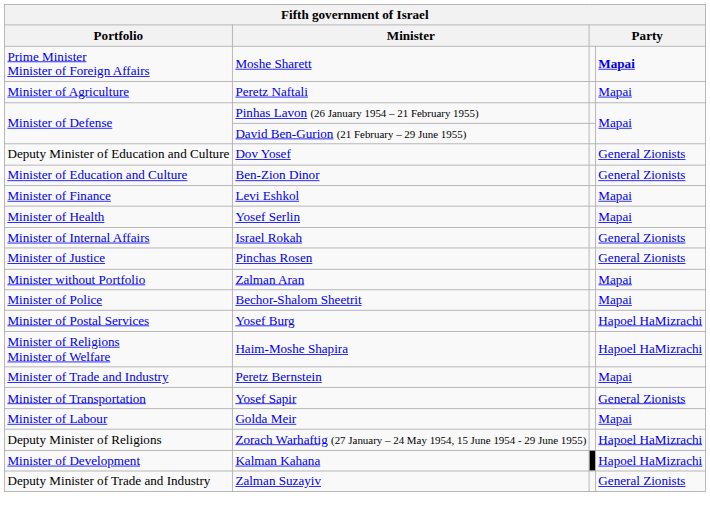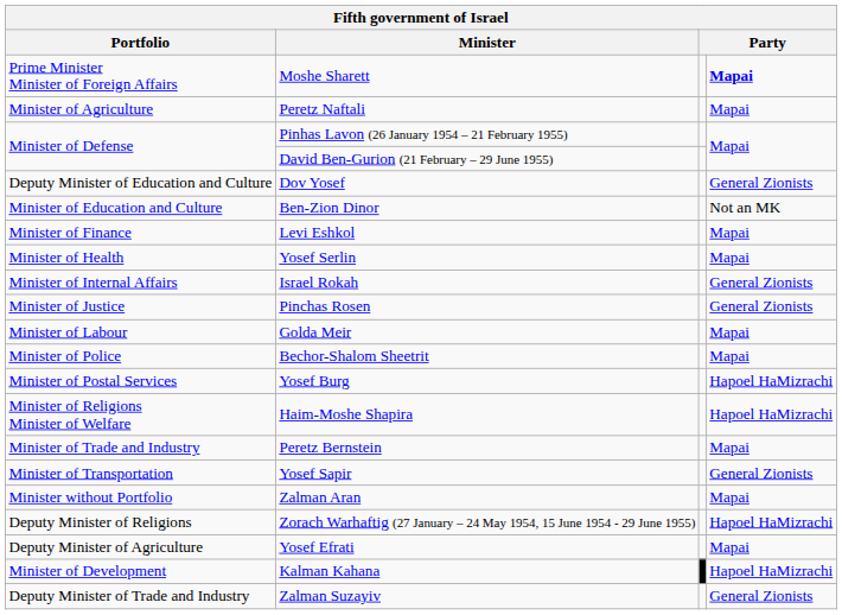 <table class="wikitable sortable" style="text-align:left">
 <tr>
 <th colspan=4>Fifth government of Israel</th>
 </tr>
 <tr>
 <th>Portfolio</th>
 <th>Minister</th>
 <th colspan=2>Party</th>
 </tr>
 <tr>
 <td><a href='#'>Prime Minister</a><br><a href='#'>Minister of Foreign Affairs</a></td>
 <td><a href='#'>Moshe Sharett</a></td>
 <td style="background:"></td>
 <td><strong><a href='#'>Mapai</a></strong></td>
 </tr>
 <tr>
 <td><a href='#'>Minister of Agriculture</a></td>
 <td><a href='#'>Peretz Naftali</a></td>
 <td style="background:"></td>
 <td><a href='#'>Mapai</a></td>
 </tr>
 <tr>
 <td rowspan="2"><a href='#'>Minister of Defense</a></td>
 <td><a href='#'>Pinhas Lavon</a> <small>(26 January 1954 – 21 February 1955)</small></td>
 <td style="background:"></td>
 <td rowspan="2"><a href='#'>Mapai</a></td>
 </tr>
 <tr>
 <td><a href='#'>David Ben-Gurion</a> <small>(21 February – 29 June 1955)</small></td>
 <td style="background:"></td>
 </tr>
 <tr>
 <td>Deputy Minister of Education and Culture</td>
 <td><a href='#'>Dov Yosef</a></td>
 <td style="background:"></td>
 <td><a href='#'>General Zionists</a></td>
 </tr>
 <tr>
 <td><a href='#'>Minister of Education and Culture</a></td>
 <td><a href='#'>Ben-Zion Dinor</a></td>
 <td style="background:"></td>
-<td><a href='#'>General Zionists</a></td>
+<td>Not an MK</td>
 </tr>
 <tr>
 <td><a href='#'>Minister of Finance</a></td>
 <td><a href='#'>Levi Eshkol</a></td>
 <td style="background:"></td>
 <td><a href='#'>Mapai</a></td>
 </tr>
 <tr>
 <td><a href='#'>Minister of Health</a></td>
 <td><a href='#'>Yosef Serlin</a></td>
 <td style="background:"></td>
 <td><a href='#'>Mapai</a></td>
 </tr>
 <tr>
 <td><a href='#'>Minister of Internal Affairs</a></td>
 <td><a href='#'>Israel Rokah</a></td>
 <td style="background:"></td>
 <td><a href='#'>General Zionists</a></td>
 </tr>
 <tr>
 <td><a href='#'>Minister of Justice</a></td>
 <td><a href='#'>Pinchas Rosen</a></td>
 <td style="background:"></td>
 <td><a href='#'>General Zionists</a></td>
 </tr>
 <tr>
-<td><a href='#'>Minister without Portfolio</a></td>
-<td><a href='#'>Zalman Aran</a></td>
+<td><a href='#'>Minister of Labour</a></td>
+<td><a href='#'>Golda Meir</a></td>
 <td style="background:"></td>
 <td><a href='#'>Mapai</a></td>
 </tr>
 <tr>
 <td><a href='#'>Minister of Police</a></td>
 <td><a href='#'>Bechor-Shalom Sheetrit</a></td>
 <td style="background:"></td>
 <td><a href='#'>Mapai</a></td>
 </tr>
 <tr>
 <td><a href='#'>Minister of Postal Services</a></td>
 <td><a href='#'>Yosef Burg</a></td>
 <td style="background:"></td>
 <td><a href='#'>Hapoel HaMizrachi</a></td>
 </tr>
 <tr>
 <td><a href='#'>Minister of Religions</a><br><a href='#'>Minister of Welfare</a></td>
 <td><a href='#'>Haim-Moshe Shapira</a></td>
 <td style="background:"></td>
 <td><a href='#'>Hapoel HaMizrachi</a></td>
 </tr>
 <tr>
 <td><a href='#'>Minister of Trade and Industry</a></td>
 <td><a href='#'>Peretz Bernstein</a></td>
 <td style="background:"></td>
 <td><a href='#'>Mapai</a></td>
 </tr>
 <tr>
 <td><a href='#'>Minister of Transportation</a></td>
 <td><a href='#'>Yosef Sapir</a></td>
 <td style="background:"></td>
 <td><a href='#'>General Zionists</a></td>
 </tr>
 <tr>
-<td><a href='#'>Minister of Labour</a></td>
-<td><a href='#'>Golda Meir</a></td>
+<td><a href='#'>Minister without Portfolio</a></td>
+<td><a href='#'>Zalman Aran</a></td>
 <td style="background:"></td>
 <td><a href='#'>Mapai</a></td>
 </tr>
 <tr>
 <td>Deputy Minister of Religions</td>
 <td><a href='#'>Zorach Warhaftig</a> <small>(27 January – 24 May 1954, 15 June 1954 - 29 June 1955)</small></td>
 <td style="background:"></td>
 <td><a href='#'>Hapoel HaMizrachi</a></td>
+</tr>
+<tr>
+<td>Deputy Minister of Agriculture</td>
+<td><a href='#'>Yosef Efrati</a></td>
+<td style="background:"></td>
+<td><a href='#'>Mapai</a></td>
 </tr>
 <tr>
 <td><a href='#'>Minister of Development</a></td>
 <td><a href='#'>Kalman Kahana</a></td>
 <td style="background:#000000"></td>
 <td><a href='#'>Hapoel HaMizrachi</a></td>
 </tr>
 <tr>
 <td>Deputy Minister of Trade and Industry</td>
 <td><a href='#'>Zalman Suzayiv</a></td>
 <td style="background:"></td>
 <td><a href='#'>General Zionists</a></td>
 </tr>
 </table>
